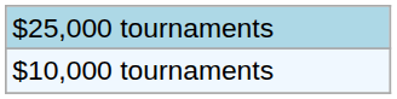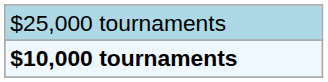 <table class="wikitable" style="font-size:85%;" width=15%>
 <tr bgcolor="lightblue">
 <td>$25,000 tournaments</td>
 </tr>
 <tr bgcolor="#f0f8ff">
-<td>$10,000 tournaments</td>
+<td><strong>$10,000 tournaments</strong></td>
 </tr>
 </table>
